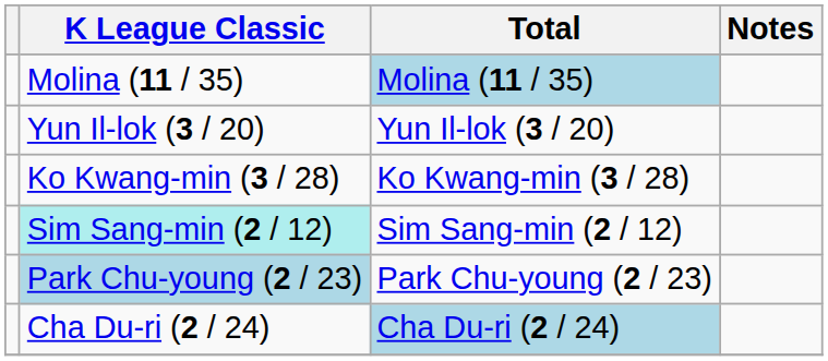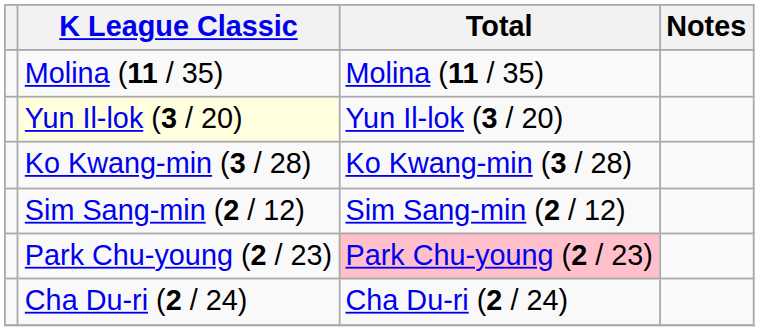 <table class="wikitable" style="text-align:left">
 <tr>
 <th></th>
 <th><a href='#'>K League Classic</a></th>
 <th>Total</th>
 <th>Notes</th>
 </tr>
 <tr>
 <td></td>
 <td> <a href='#'>Molina</a> (<strong>11</strong> / 35)</td>
-<td style="background: lightblue;"> <a href='#'>Molina</a> (<strong>11</strong> / 35)</td>
+<td> <a href='#'>Molina</a> (<strong>11</strong> / 35)</td>
 <td></td>
 </tr>
 <tr>
 <td></td>
-<td> <a href='#'>Yun Il-lok</a> (<strong>3</strong> / 20)</td>
+<td style="background: lightyellow;"> <a href='#'>Yun Il-lok</a> (<strong>3</strong> / 20)</td>
 <td> <a href='#'>Yun Il-lok</a> (<strong>3</strong> / 20)</td>
 <td></td>
 </tr>
 <tr>
 <td></td>
 <td> <a href='#'>Ko Kwang-min</a> (<strong>3</strong> / 28)</td>
 <td> <a href='#'>Ko Kwang-min</a> (<strong>3</strong> / 28)</td>
 <td></td>
 </tr>
 <tr>
 <td></td>
-<td style="background: paleturquoise;"> <a href='#'>Sim Sang-min</a> (<strong>2</strong> / 12)</td>
+<td> <a href='#'>Sim Sang-min</a> (<strong>2</strong> / 12)</td>
 <td> <a href='#'>Sim Sang-min</a> (<strong>2</strong> / 12)</td>
 <td></td>
 </tr>
 <tr>
 <td></td>
-<td style="background: lightblue;"> <a href='#'>Park Chu-young</a> (<strong>2</strong> / 23)</td>
 <td> <a href='#'>Park Chu-young</a> (<strong>2</strong> / 23)</td>
+<td style="background: pink;"> <a href='#'>Park Chu-young</a> (<strong>2</strong> / 23)</td>
 <td></td>
 </tr>
 <tr>
 <td></td>
 <td> <a href='#'>Cha Du-ri</a> (<strong>2</strong> / 24)</td>
-<td style="background: lightblue;"> <a href='#'>Cha Du-ri</a> (<strong>2</strong> / 24)</td>
+<td> <a href='#'>Cha Du-ri</a> (<strong>2</strong> / 24)</td>
 <td></td>
 </tr>
 <tr>
 </tr>
 </table>
